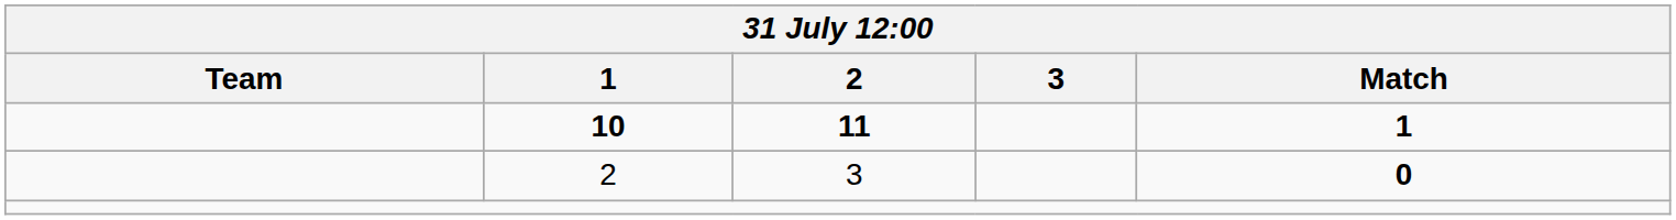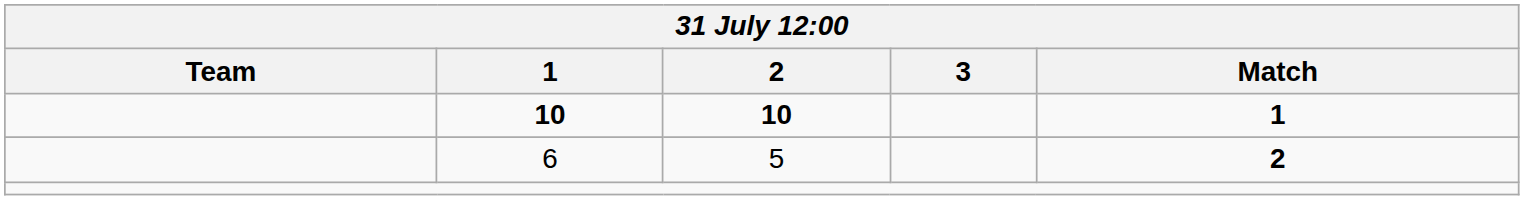 <table class=wikitable style="text-align:center; width: 55%">
 <tr>
 <th colspan=10><em>31 July 12:00</em></th>
 </tr>
 <tr>
 <th>Team</th>
 <th>1</th>
 <th>2</th>
 <th>3</th>
 <th>Match</th>
 </tr>
 <tr>
 <td align=left><strong><br></strong></td>
 <td><strong>10</strong></td>
-<td><strong>11</strong></td>
+<td><strong>10</strong></td>
 <td></td>
 <td><strong>1</strong></td>
 </tr>
 <tr>
 <td align=left><br></td>
-<td>2</td>
-<td>3</td>
+<td>6</td>
+<td>5</td>
 <td></td>
-<td><strong>0</strong></td>
+<td><strong>2</strong></td>
 </tr>
 <tr>
 <td colspan=10></td>
 </tr>
 </table>
